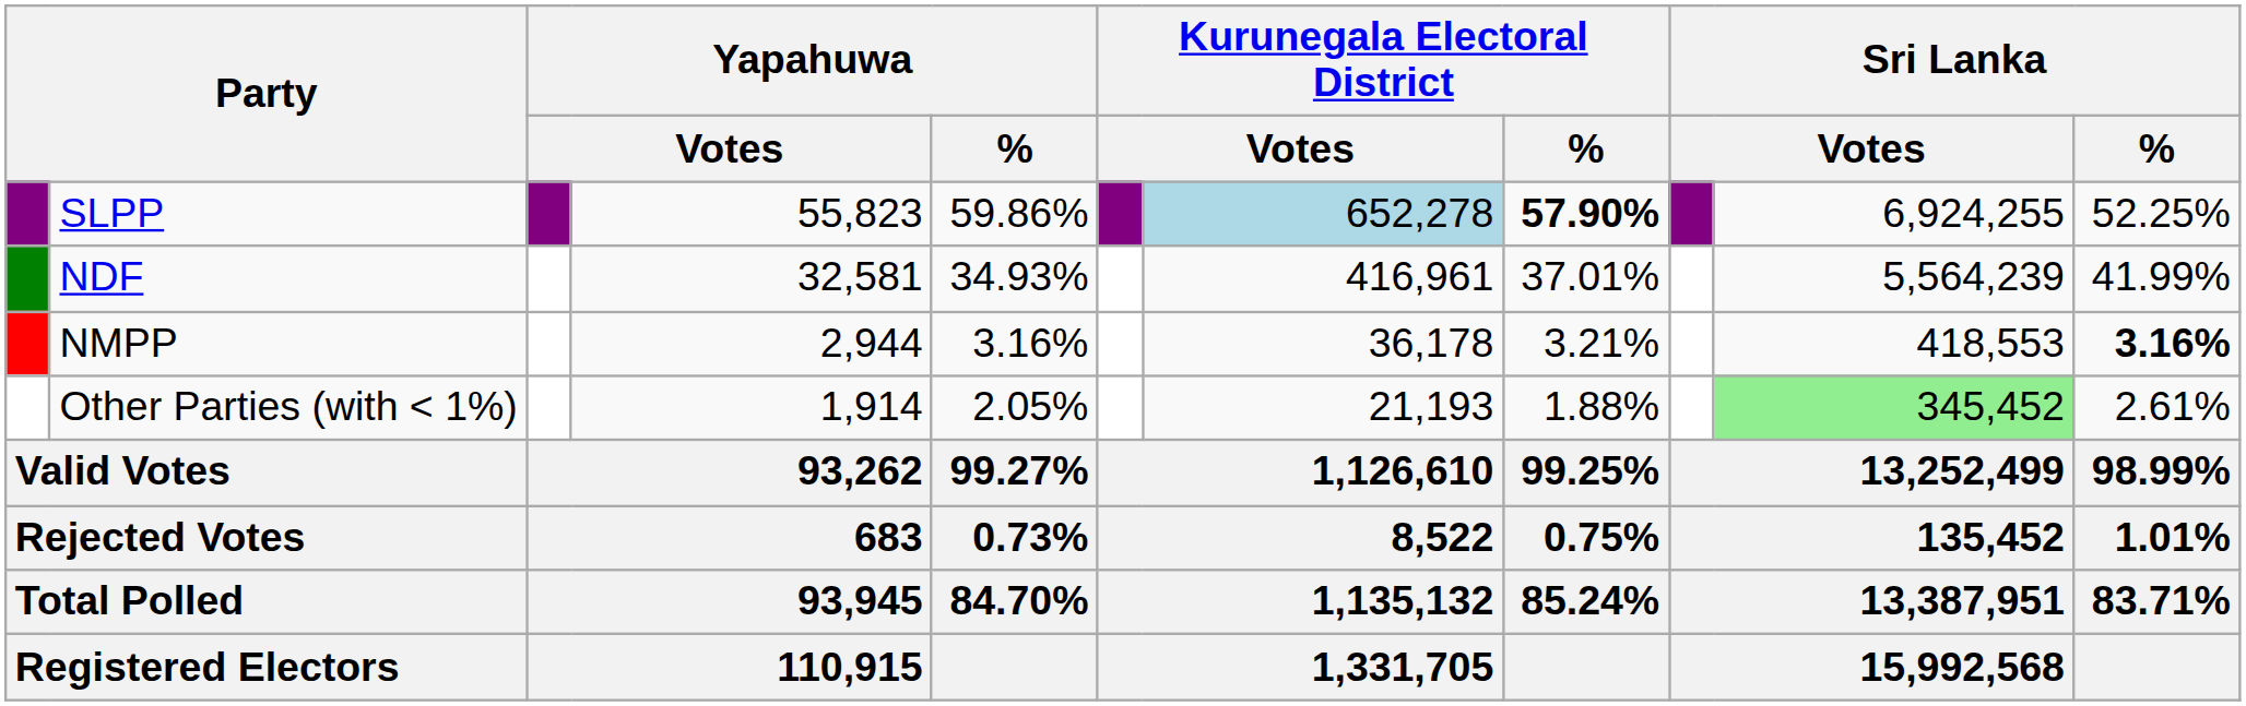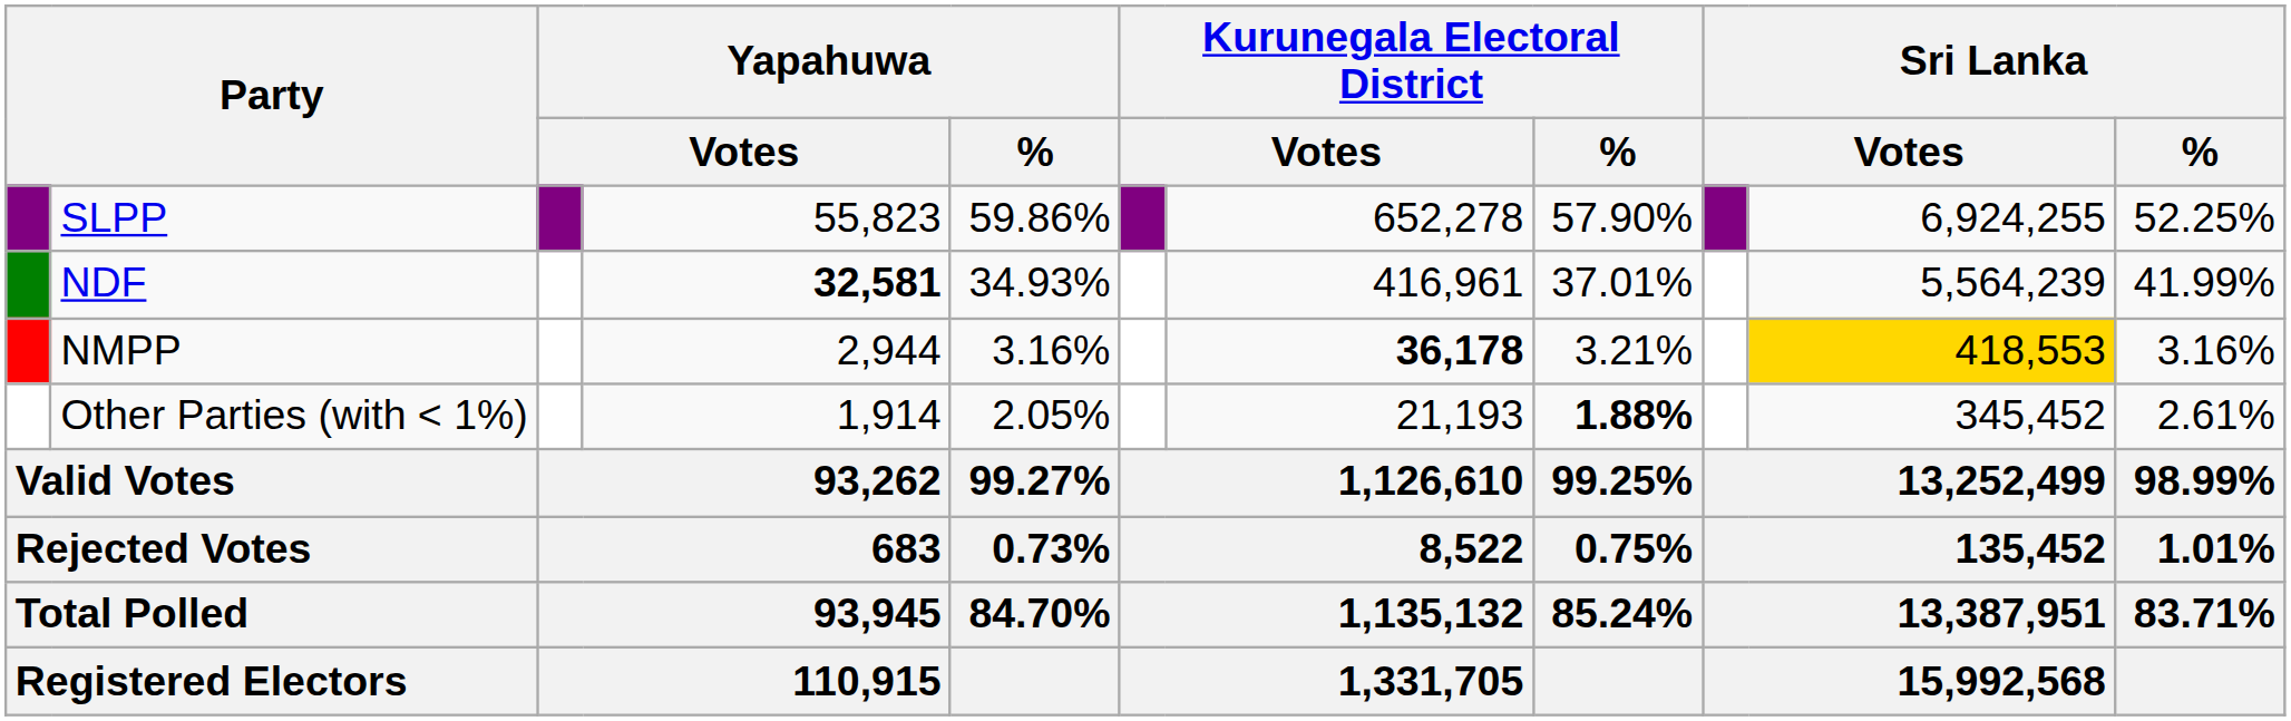 <table class="wikitable">
 <tr>
 <th colspan="2" width="144px"rowspan="2">Party</th>
 <th colspan="3" width="216px">Yapahuwa</th>
 <th colspan="3" width="216px"><a href='#'>Kurunegala Electoral District</a></th>
 <th colspan="3" width="216px">Sri Lanka</th>
 </tr>
 <tr>
 <th colspan="2" width="144px">Votes</th>
 <th>%</th>
 <th colspan="2" width="144px">Votes</th>
 <th>%</th>
 <th colspan="2" width="144px">Votes</th>
 <th>%</th>
 </tr>
 <tr>
 <td style="background-color:purple;" width="10px"></td>
 <td style="text-align:left;"><a href='#'>SLPP</a></td>
 <td style="background-color:purple;" width="10px"></td>
 <td style="text-align:right;">55,823</td>
 <td style="text-align:right;">59.86%</td>
 <td style="background-color:purple;" width="10px"></td>
-<td style="background: lightblue; text-align:right;">652,278</td>
-<td style="text-align:right;"><strong>57.90%</strong></td>
+<td style="text-align:right;">652,278</td>
+<td style="text-align:right;">57.90%</td>
 <td style="background-color:purple;" width="10px"></td>
 <td style="text-align:right;">6,924,255</td>
 <td style="text-align:right;">52.25%</td>
 </tr>
 <tr>
 <td style="background-color:green;" width="10px"></td>
 <td style="text-align:left;"><a href='#'>NDF</a></td>
 <td style="background-color:white;" width="10px"></td>
-<td style="text-align:right;">32,581</td>
+<td style="text-align:right;"><strong>32,581</strong></td>
 <td style="text-align:right;">34.93%</td>
 <td style="background-color:white;" width="10px"></td>
 <td style="text-align:right;">416,961</td>
 <td style="text-align:right;">37.01%</td>
 <td style="background-color:white;" width="10px"></td>
 <td style="text-align:right;">5,564,239</td>
 <td style="text-align:right;">41.99%</td>
 </tr>
 <tr>
 <td style="background-color:red;" width="10px"></td>
 <td style="text-align:left;">NMPP</td>
 <td style="background-color:white;" width="10px"></td>
 <td style="text-align:right;">2,944</td>
 <td style="text-align:right;">3.16%</td>
 <td style="background-color:white;" width="10px"></td>
-<td style="text-align:right;">36,178</td>
+<td style="text-align:right;"><strong>36,178</strong></td>
 <td style="text-align:right;">3.21%</td>
 <td style="background-color:white;" width="10px"></td>
-<td style="text-align:right;">418,553</td>
-<td style="text-align:right;"><strong>3.16%</strong></td>
+<td style="background: gold; text-align:right;">418,553</td>
+<td style="text-align:right;">3.16%</td>
 </tr>
 <tr>
 <td style="background-color:white;" width="10px"></td>
 <td style="text-align:left;">Other Parties (with < 1%)</td>
 <td style="background-color:white;" width="10px"></td>
 <td style="text-align:right;">1,914</td>
 <td style="text-align:right;">2.05%</td>
 <td style="background-color:white;" width="10px"></td>
 <td style="text-align:right;">21,193</td>
-<td style="text-align:right;">1.88%</td>
+<td style="text-align:right;"><strong>1.88%</strong></td>
 <td style="background-color:white;" width="10px"></td>
-<td style="background: lightgreen; text-align:right;">345,452</td>
+<td style="text-align:right;">345,452</td>
 <td style="text-align:right;">2.61%</td>
 </tr>
 <tr>
 <th colspan="2" width="144px"style="text-align:left;">Valid Votes</th>
 <th style="text-align:right;"colspan="2" width="144px">93,262</th>
 <th style="text-align:right;">99.27%</th>
 <th style="text-align:right;"colspan="2" width="144px">1,126,610</th>
 <th style="text-align:right;">99.25%</th>
 <th style="text-align:right;"colspan="2" width="144px">13,252,499</th>
 <th style="text-align:right;">98.99%</th>
 </tr>
 <tr>
 <th colspan="2" width="144px"style="text-align:left;">Rejected Votes</th>
 <th style="text-align:right;"colspan="2" width="144px">683</th>
 <th style="text-align:right;">0.73%</th>
 <th style="text-align:right;"colspan="2" width="144px">8,522</th>
 <th style="text-align:right;">0.75%</th>
 <th style="text-align:right;"colspan="2" width="144px">135,452</th>
 <th style="text-align:right;">1.01%</th>
 </tr>
 <tr>
 <th colspan="2" width="144px"style="text-align:left;">Total Polled</th>
 <th style="text-align:right;"colspan="2" width="144px">93,945</th>
 <th style="text-align:right;">84.70%</th>
 <th style="text-align:right;"colspan="2" width="144px">1,135,132</th>
 <th style="text-align:right;">85.24%</th>
 <th style="text-align:right;"colspan="2" width="144px">13,387,951</th>
 <th style="text-align:right;">83.71%</th>
 </tr>
 <tr>
 <th colspan="2" width="144px"style="text-align:left;">Registered Electors</th>
 <th style="text-align:right;"colspan="2" width="144px">110,915</th>
 <th></th>
 <th style="text-align:right;"colspan="2" width="144px">1,331,705</th>
 <th></th>
 <th style="text-align:right;"colspan="2" width="144px">15,992,568</th>
 <th></th>
 </tr>
 </table>
